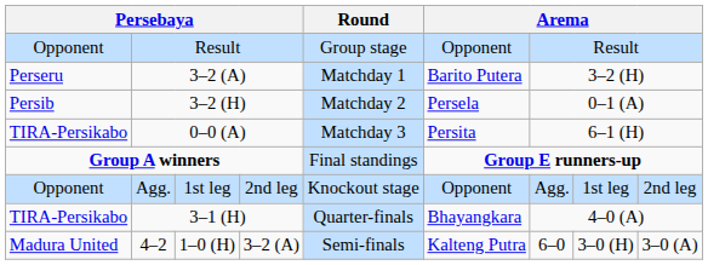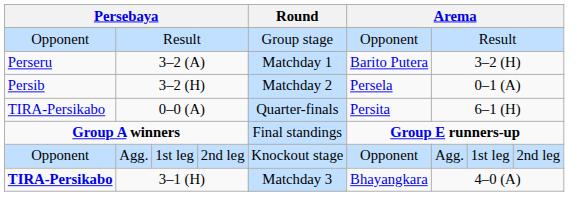 <table class="wikitable" style="text-align:center">
 <tr>
 <th colspan="4"><a href='#'>Persebaya</a></th>
 <th>Round</th>
 <th colspan="4"><a href='#'>Arema</a></th>
 </tr>
 <tr style="background:#C1E0FF">
 <td>Opponent</td>
 <td colspan="3">Result</td>
 <td>Group stage</td>
 <td>Opponent</td>
 <td colspan="3">Result</td>
 </tr>
 <tr>
 <td style="text-align:left"><a href='#'>Perseru</a></td>
 <td colspan="3">3–2 (A)</td>
 <td style="background:#C1E0FF">Matchday 1</td>
 <td style="text-align:left"><a href='#'>Barito Putera</a></td>
 <td colspan="3">3–2 (H)</td>
 </tr>
 <tr>
 <td style="text-align:left"><a href='#'>Persib</a></td>
 <td colspan="3">3–2 (H)</td>
 <td style="background:#C1E0FF">Matchday 2</td>
 <td style="text-align:left"><a href='#'>Persela</a></td>
 <td colspan="3">0–1 (A)</td>
 </tr>
 <tr>
 <td style="text-align:left"><a href='#'>TIRA-Persikabo</a></td>
 <td colspan="3">0–0 (A)</td>
-<td style="background:#C1E0FF">Matchday 3</td>
+<td style="background:#C1E0FF">Quarter-finals</td>
 <td style="text-align:left"><a href='#'>Persita</a></td>
 <td colspan="3">6–1 (H)</td>
 </tr>
 <tr>
 <td colspan="4" style="vertical-align:top"><strong><a href='#'>Group A</a> winners</strong><br><div>  </div></td>
 <td style="background:#C1E0FF">Final standings</td>
 <td colspan="4" style="vertical-align:top"><strong><a href='#'>Group E</a> runners-up</strong><br><div>  </div></td>
 </tr>
 <tr style="background:#C1E0FF">
 <td>Opponent</td>
 <td>Agg.</td>
 <td>1st leg</td>
 <td>2nd leg</td>
 <td>Knockout stage</td>
 <td>Opponent</td>
 <td>Agg.</td>
 <td>1st leg</td>
 <td>2nd leg</td>
 </tr>
 <tr>
-<td style="text-align:left"><a href='#'>TIRA-Persikabo</a></td>
+<td style="text-align:left"><strong><a href='#'>TIRA-Persikabo</a></strong></td>
 <td colspan=3>3–1 (H)</td>
-<td style="background:#C1E0FF">Quarter-finals</td>
+<td style="background:#C1E0FF">Matchday 3</td>
 <td style="text-align:left"><a href='#'>Bhayangkara</a></td>
 <td colspan=3>4–0 (A)</td>
 </tr>
-<tr>
-<td style="text-align:left"><a href='#'>Madura United</a></td>
-<td>4–2</td>
-<td>1–0 (H)</td>
-<td>3–2 (A)</td>
-<td style="background:#C1E0FF">Semi-finals</td>
-<td style="text-align:left"><a href='#'>Kalteng Putra</a></td>
-<td>6–0</td>
-<td>3–0 (H)</td>
-<td>3–0 (A)</td>
-</tr>
 </table>
